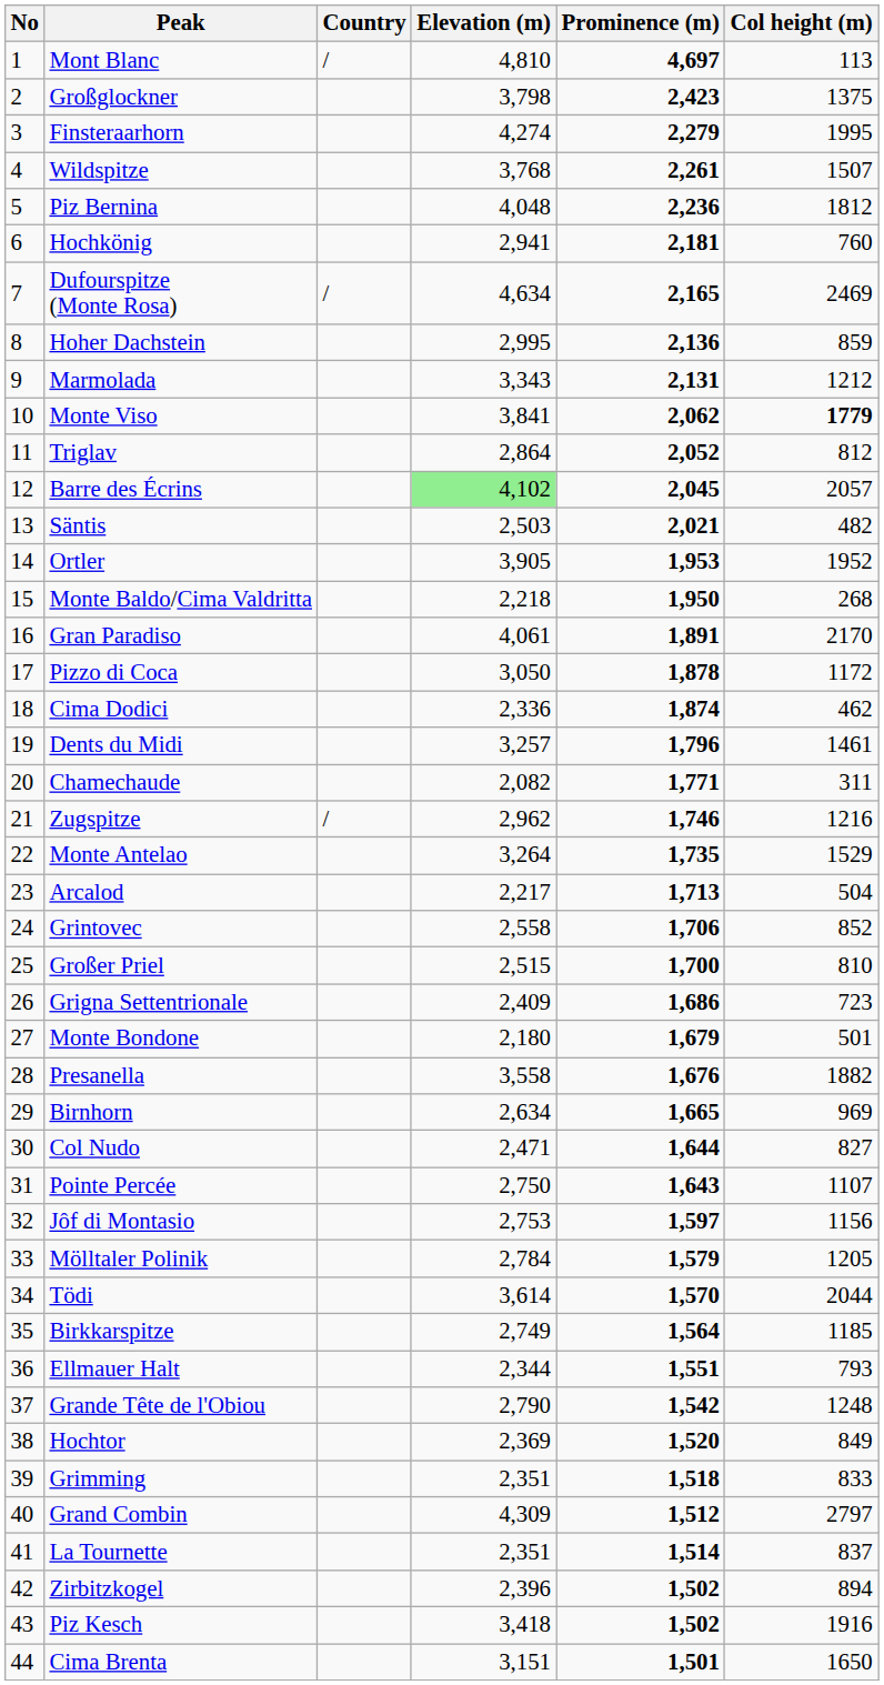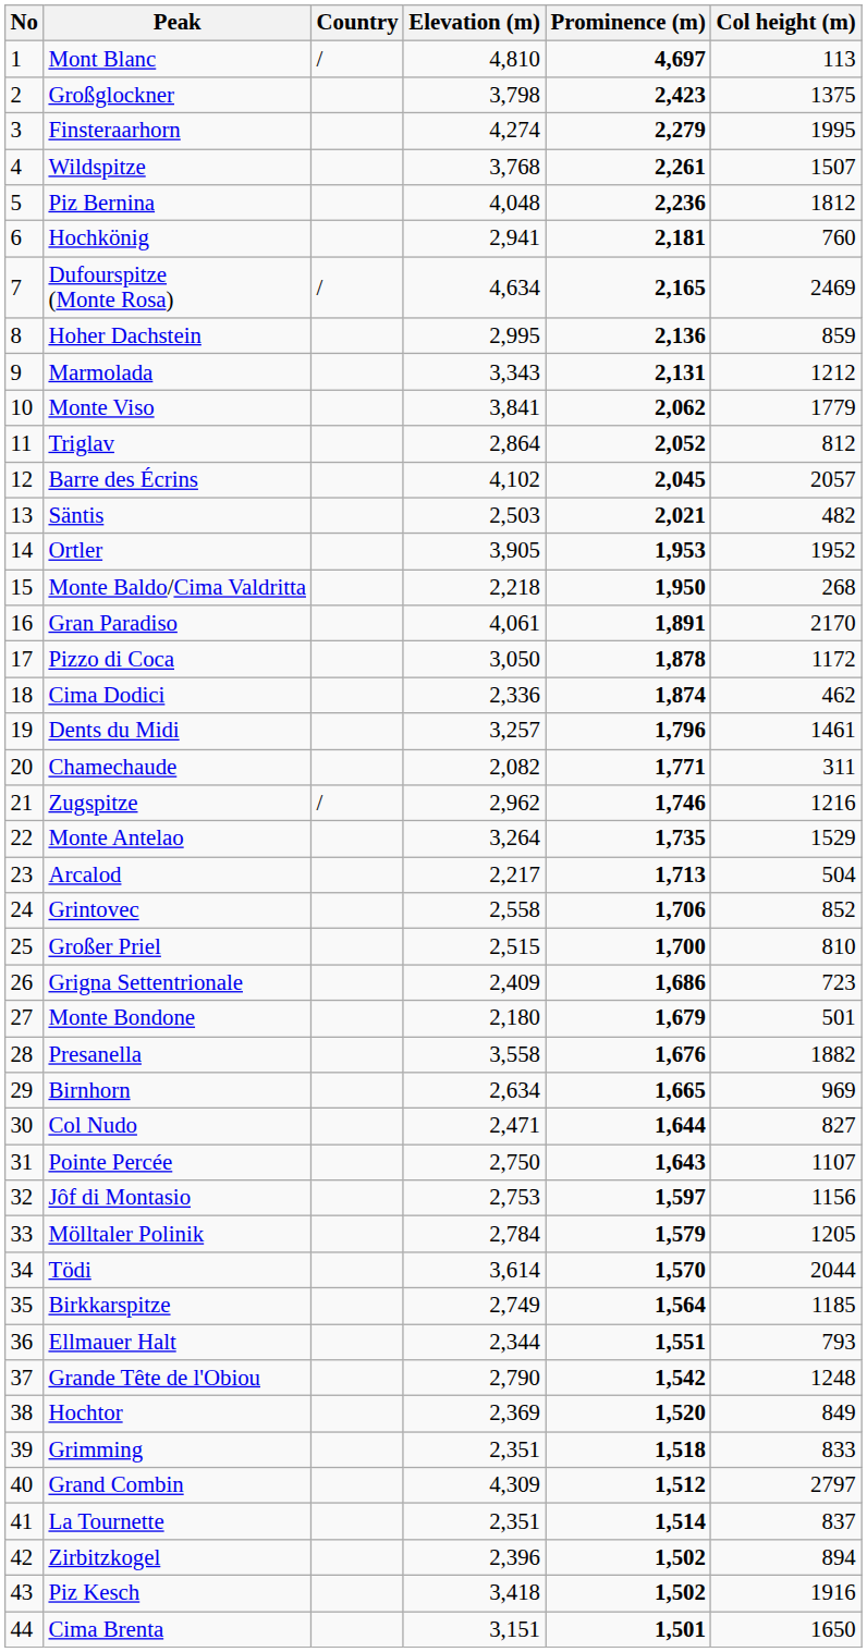 <table class="wikitable sortable">
 <tr>
 <th>No</th>
 <th>Peak</th>
 <th>Country</th>
 <th>Elevation (m)</th>
 <th>Prominence (m)</th>
 <th>Col height (m)</th>
 </tr>
 <tr>
 <td>1</td>
 <td><a href='#'>Mont Blanc</a></td>
 <td> / </td>
 <td align=right>4,810</td>
 <td align=right><strong>4,697</strong></td>
 <td align=right>113</td>
 </tr>
 <tr>
 <td>2</td>
 <td><a href='#'>Großglockner</a></td>
 <td></td>
 <td align=right>3,798</td>
 <td align=right><strong>2,423</strong></td>
 <td align=right>1375</td>
 </tr>
 <tr>
 <td>3</td>
 <td><a href='#'>Finsteraarhorn</a></td>
 <td></td>
 <td align=right>4,274</td>
 <td align=right><strong>2,279</strong></td>
 <td align=right>1995</td>
 </tr>
 <tr>
 <td>4</td>
 <td><a href='#'>Wildspitze</a></td>
 <td></td>
 <td align=right>3,768</td>
 <td align=right><strong>2,261</strong></td>
 <td align=right>1507</td>
 </tr>
 <tr>
 <td>5</td>
 <td><a href='#'>Piz Bernina</a></td>
 <td></td>
 <td align=right>4,048</td>
 <td align=right><strong>2,236</strong></td>
 <td align=right>1812</td>
 </tr>
 <tr>
 <td>6</td>
 <td><a href='#'>Hochkönig</a></td>
 <td></td>
 <td align=right>2,941</td>
 <td align=right><strong>2,181</strong></td>
 <td align=right>760</td>
 </tr>
 <tr>
 <td>7</td>
 <td><a href='#'>Dufourspitze</a><br>(<a href='#'>Monte Rosa</a>)</td>
 <td> / </td>
 <td align=right>4,634</td>
 <td align=right><strong>2,165</strong></td>
 <td align=right>2469</td>
 </tr>
 <tr>
 <td>8</td>
 <td><a href='#'>Hoher Dachstein</a></td>
 <td></td>
 <td align=right>2,995</td>
 <td align=right><strong>2,136</strong></td>
 <td align=right>859</td>
 </tr>
 <tr>
 <td>9</td>
 <td><a href='#'>Marmolada</a></td>
 <td></td>
 <td align=right>3,343</td>
 <td align=right><strong>2,131</strong></td>
 <td align=right>1212</td>
 </tr>
 <tr>
 <td>10</td>
 <td><a href='#'>Monte Viso</a></td>
 <td></td>
 <td align=right>3,841</td>
 <td align=right><strong>2,062</strong></td>
-<td align=right><strong>1779</strong></td>
+<td align=right>1779</td>
 </tr>
 <tr>
 <td>11</td>
 <td><a href='#'>Triglav</a></td>
 <td></td>
 <td align=right>2,864</td>
 <td align=right><strong>2,052</strong></td>
 <td align=right>812</td>
 </tr>
 <tr>
 <td>12</td>
 <td><a href='#'>Barre des Écrins</a></td>
 <td></td>
-<td align=right style="background: lightgreen;">4,102</td>
+<td align=right>4,102</td>
 <td align=right><strong>2,045</strong></td>
 <td align=right>2057</td>
 </tr>
 <tr>
 <td>13</td>
 <td><a href='#'>Säntis</a></td>
 <td></td>
 <td align=right>2,503</td>
 <td align=right><strong>2,021</strong></td>
 <td align=right>482</td>
 </tr>
 <tr>
 <td>14</td>
 <td><a href='#'>Ortler</a></td>
 <td></td>
 <td align=right>3,905</td>
 <td align=right><strong>1,953</strong></td>
 <td align=right>1952</td>
 </tr>
 <tr>
 <td>15</td>
 <td><a href='#'>Monte Baldo</a>/<a href='#'>Cima Valdritta</a></td>
 <td></td>
 <td align=right>2,218</td>
 <td align=right><strong>1,950</strong></td>
 <td align=right>268</td>
 </tr>
 <tr>
 <td>16</td>
 <td><a href='#'>Gran Paradiso</a></td>
 <td></td>
 <td align=right>4,061</td>
 <td align=right><strong>1,891</strong></td>
 <td align=right>2170</td>
 </tr>
 <tr>
 <td>17</td>
 <td><a href='#'>Pizzo di Coca</a></td>
 <td></td>
 <td align=right>3,050</td>
 <td align=right><strong>1,878</strong></td>
 <td align=right>1172</td>
 </tr>
 <tr>
 <td>18</td>
 <td><a href='#'>Cima Dodici</a></td>
 <td></td>
 <td align=right>2,336</td>
 <td align=right><strong>1,874</strong></td>
 <td align=right>462</td>
 </tr>
 <tr>
 <td>19</td>
 <td><a href='#'>Dents du Midi</a></td>
 <td></td>
 <td align=right>3,257</td>
 <td align=right><strong>1,796</strong></td>
 <td align=right>1461</td>
 </tr>
 <tr>
 <td>20</td>
 <td><a href='#'>Chamechaude</a></td>
 <td></td>
 <td align=right>2,082</td>
 <td align=right><strong>1,771</strong></td>
 <td align=right>311</td>
 </tr>
 <tr>
 <td>21</td>
 <td><a href='#'>Zugspitze</a></td>
 <td> / </td>
 <td align=right>2,962</td>
 <td align=right><strong>1,746</strong></td>
 <td align=right>1216</td>
 </tr>
 <tr>
 <td>22</td>
 <td><a href='#'>Monte Antelao</a></td>
 <td></td>
 <td align=right>3,264</td>
 <td align=right><strong>1,735</strong></td>
 <td align=right>1529</td>
 </tr>
 <tr>
 <td>23</td>
 <td><a href='#'>Arcalod</a></td>
 <td></td>
 <td align=right>2,217</td>
 <td align=right><strong>1,713</strong></td>
 <td align=right>504</td>
 </tr>
 <tr>
 <td>24</td>
 <td><a href='#'>Grintovec</a></td>
 <td></td>
 <td align=right>2,558</td>
 <td align=right><strong>1,706</strong></td>
 <td align=right>852</td>
 </tr>
 <tr>
 <td>25</td>
 <td><a href='#'>Großer Priel</a></td>
 <td></td>
 <td align=right>2,515</td>
 <td align=right><strong>1,700</strong></td>
 <td align=right>810</td>
 </tr>
 <tr>
 <td>26</td>
 <td><a href='#'>Grigna Settentrionale</a></td>
 <td></td>
 <td align=right>2,409</td>
 <td align=right><strong>1,686</strong></td>
 <td align=right>723</td>
 </tr>
 <tr>
 <td>27</td>
 <td><a href='#'>Monte Bondone</a></td>
 <td></td>
 <td align=right>2,180</td>
 <td align=right><strong>1,679</strong></td>
 <td align=right>501</td>
 </tr>
 <tr>
 <td>28</td>
 <td><a href='#'>Presanella</a></td>
 <td></td>
 <td align=right>3,558</td>
 <td align=right><strong>1,676</strong></td>
 <td align=right>1882</td>
 </tr>
 <tr>
 <td>29</td>
 <td><a href='#'>Birnhorn</a></td>
 <td></td>
 <td align=right>2,634</td>
 <td align=right><strong>1,665</strong></td>
 <td align=right>969</td>
 </tr>
 <tr>
 <td>30</td>
 <td><a href='#'>Col Nudo</a></td>
 <td></td>
 <td align=right>2,471</td>
 <td align=right><strong>1,644</strong></td>
 <td align=right>827</td>
 </tr>
 <tr>
 <td>31</td>
 <td><a href='#'>Pointe Percée</a></td>
 <td></td>
 <td align=right>2,750</td>
 <td align=right><strong>1,643</strong></td>
 <td align=right>1107</td>
 </tr>
 <tr>
 <td>32</td>
 <td><a href='#'>Jôf di Montasio</a></td>
 <td></td>
 <td align=right>2,753</td>
 <td align=right><strong>1,597</strong></td>
 <td align=right>1156</td>
 </tr>
 <tr>
 <td>33</td>
 <td><a href='#'>Mölltaler Polinik</a></td>
 <td></td>
 <td align=right>2,784</td>
 <td align=right><strong>1,579</strong></td>
 <td align=right>1205</td>
 </tr>
 <tr>
 <td>34</td>
 <td><a href='#'>Tödi</a></td>
 <td></td>
 <td align=right>3,614</td>
 <td align=right><strong>1,570</strong></td>
 <td align=right>2044</td>
 </tr>
 <tr>
 <td>35</td>
 <td><a href='#'>Birkkarspitze</a></td>
 <td></td>
 <td align=right>2,749</td>
 <td align=right><strong>1,564</strong></td>
 <td align=right>1185</td>
 </tr>
 <tr>
 <td>36</td>
 <td><a href='#'>Ellmauer Halt</a></td>
 <td></td>
 <td align=right>2,344</td>
 <td align=right><strong>1,551</strong></td>
 <td align=right>793</td>
 </tr>
 <tr>
 <td>37</td>
 <td><a href='#'>Grande Tête de l'Obiou</a></td>
 <td></td>
 <td align=right>2,790</td>
 <td align=right><strong>1,542</strong></td>
 <td align=right>1248</td>
 </tr>
 <tr>
 <td>38</td>
 <td><a href='#'>Hochtor</a></td>
 <td></td>
 <td align=right>2,369</td>
 <td align=right><strong>1,520</strong></td>
 <td align=right>849</td>
 </tr>
 <tr>
 <td>39</td>
 <td><a href='#'>Grimming</a></td>
 <td></td>
 <td align=right>2,351</td>
 <td align=right><strong>1,518</strong></td>
 <td align=right>833</td>
 </tr>
 <tr>
 <td>40</td>
 <td><a href='#'>Grand Combin</a></td>
 <td></td>
 <td align=right>4,309</td>
 <td align=right><strong>1,512</strong></td>
 <td align=right>2797</td>
 </tr>
 <tr>
 <td>41</td>
 <td><a href='#'>La Tournette</a></td>
 <td></td>
 <td align=right>2,351</td>
 <td align=right><strong>1,514</strong></td>
 <td align=right>837</td>
 </tr>
 <tr>
 <td>42</td>
 <td><a href='#'>Zirbitzkogel</a></td>
 <td></td>
 <td align=right>2,396</td>
 <td align=right><strong>1,502</strong></td>
 <td align=right>894</td>
 </tr>
 <tr>
 <td>43</td>
 <td><a href='#'>Piz Kesch</a></td>
 <td></td>
 <td align=right>3,418</td>
 <td align=right><strong>1,502</strong></td>
 <td align=right>1916</td>
 </tr>
 <tr>
 <td>44</td>
 <td><a href='#'>Cima Brenta</a></td>
 <td></td>
 <td align=right>3,151</td>
 <td align=right><strong>1,501</strong></td>
 <td align=right>1650</td>
 </tr>
 </table>
